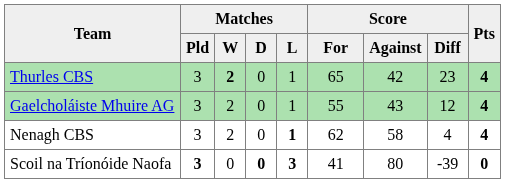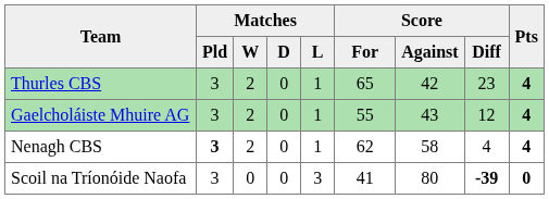 <table style=border-collapse:collapse border=1 cellspacing=0 cellpadding=5>
 <tr align=center bgcolor=#efefef>
 <th rowspan=2 width=165>Team</th>
 <th colspan=4>Matches</th>
 <th colspan=3>Score</th>
 <th rowspan=2width=20>Pts</th>
 </tr>
 <tr align=center bgcolor=#efefef>
 <th width=20>Pld</th>
 <th width=20>W</th>
 <th width=20>D</th>
 <th width=20>L</th>
 <th width=45>For</th>
 <th width=45>Against</th>
 <th width=30>Diff</th>
 </tr>
 <tr align=center style="background:#ACE1AF;">
 <td style="text-align:left;"><a href='#'>Thurles CBS</a></td>
 <td>3</td>
-<td><strong>2</strong></td>
+<td>2</td>
 <td>0</td>
 <td>1</td>
 <td>65</td>
 <td>42</td>
 <td>23</td>
 <td><strong>4</strong></td>
 </tr>
 <tr align=center style="background:#ACE1AF;">
 <td style="text-align:left;"><a href='#'>Gaelcholáiste Mhuire AG</a></td>
 <td>3</td>
 <td>2</td>
 <td>0</td>
 <td>1</td>
 <td>55</td>
 <td>43</td>
 <td>12</td>
 <td><strong>4</strong></td>
 </tr>
 <tr align=center>
 <td style="text-align:left;">Nenagh CBS</td>
-<td>3</td>
+<td><strong>3</strong></td>
 <td>2</td>
 <td>0</td>
-<td><strong>1</strong></td>
+<td>1</td>
 <td>62</td>
 <td>58</td>
 <td>4</td>
 <td><strong>4</strong></td>
 </tr>
 <tr align=center>
 <td style="text-align:left;">Scoil na Tríonóide Naofa</td>
-<td><strong>3</strong></td>
+<td>3</td>
 <td>0</td>
-<td><strong>0</strong></td>
-<td><strong>3</strong></td>
+<td>0</td>
+<td>3</td>
 <td>41</td>
 <td>80</td>
-<td>-39</td>
+<td><strong>-39</strong></td>
 <td><strong>0</strong></td>
 </tr>
 </table>
